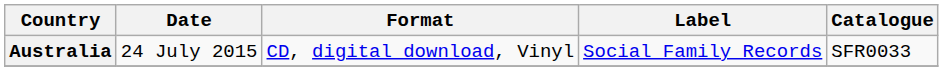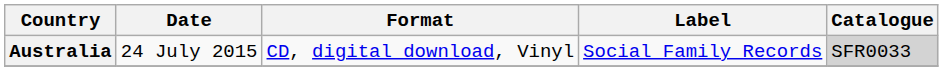 <table class="wikitable plainrowheaders">
 <tr>
 <th scope="col">Country</th>
 <th scope="col">Date</th>
 <th scope="col">Format</th>
 <th scope="col">Label</th>
 <th scope="col">Catalogue</th>
 </tr>
 <tr>
 <th scope="row">Australia</th>
 <td>24 July 2015</td>
 <td><a href='#'>CD</a>, <a href='#'>digital download</a>, Vinyl</td>
 <td><a href='#'>Social Family Records</a></td>
-<td>SFR0033</td>
+<td style="background: lightgrey;">SFR0033</td>
 </tr>
 <tr>
 </tr>
 </table>
